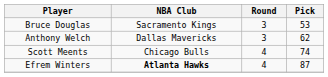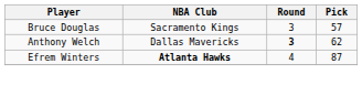 <table class="wikitable" width="500">
 <tr>
 <th>Player</th>
 <th>NBA Club</th>
 <th>Round</th>
 <th>Pick</th>
 </tr>
 <tr align="center" bgcolor="">
 <td>Bruce Douglas</td>
 <td>Sacramento Kings</td>
 <td>3</td>
-<td>53</td>
+<td>57</td>
 </tr>
 <tr align="center" bgcolor="">
 <td>Anthony Welch</td>
 <td>Dallas Mavericks</td>
-<td>3</td>
+<td><strong>3</strong></td>
 <td>62</td>
-</tr>
-<tr align="center" bgcolor="">
-<td>Scott Meents</td>
-<td>Chicago Bulls</td>
-<td>4</td>
-<td>74</td>
 </tr>
 <tr align="center" bgcolor="">
 <td>Efrem Winters</td>
 <td><strong>Atlanta Hawks</strong></td>
 <td>4</td>
 <td>87</td>
 </tr>
 <tr align="center" bgcolor="">
 </tr>
 </table>
